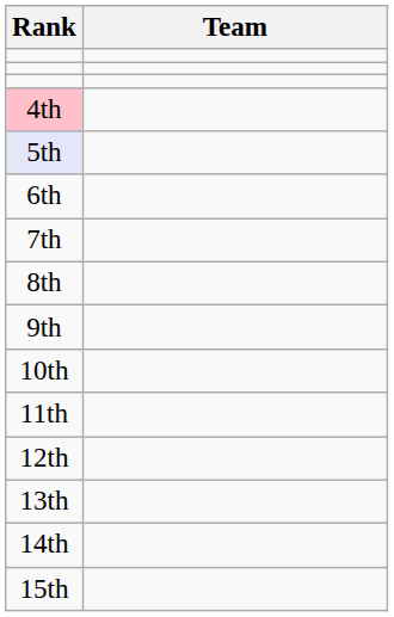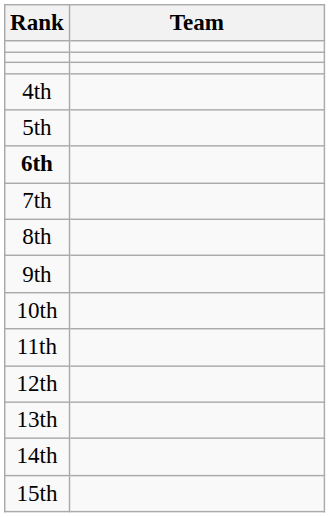 <table class=wikitable style="text-align:center;">
 <tr>
 <th>Rank</th>
 <th width=170>Team</th>
 </tr>
 <tr>
 <td></td>
 <td align=left></td>
 </tr>
 <tr>
 <td></td>
 <td align=left></td>
 </tr>
 <tr>
 <td></td>
 <td align=left></td>
 </tr>
 <tr>
-<td style="background: pink;">4th</td>
+<td>4th</td>
 <td align=left></td>
 </tr>
 <tr>
-<td style="background: lavender;">5th</td>
+<td>5th</td>
 <td align=left></td>
 </tr>
 <tr>
-<td>6th</td>
+<td><strong>6th</strong></td>
 <td align=left></td>
 </tr>
 <tr>
 <td>7th</td>
 <td align=left></td>
 </tr>
 <tr>
 <td>8th</td>
 <td align=left></td>
 </tr>
 <tr>
 <td>9th</td>
 <td align=left></td>
 </tr>
 <tr>
 <td>10th</td>
 <td align=left></td>
 </tr>
 <tr>
 <td>11th</td>
 <td align=left></td>
 </tr>
 <tr>
 <td>12th</td>
 <td align=left></td>
 </tr>
 <tr>
 <td>13th</td>
 <td align=left></td>
 </tr>
 <tr>
 <td>14th</td>
 <td align=left></td>
 </tr>
 <tr>
 <td>15th</td>
 <td align=left></td>
 </tr>
 </table>
